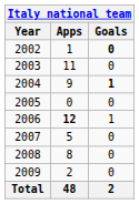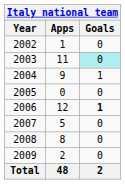 <table class="wikitable" style="text-align:center">
 <tr>
 <th colspan="3"><a href='#'>Italy national team</a></th>
 </tr>
 <tr>
 <th>Year</th>
 <th>Apps</th>
 <th>Goals</th>
 </tr>
 <tr>
 <td>2002</td>
 <td>1</td>
-<td><strong>0</strong></td>
+<td>0</td>
 </tr>
 <tr>
 <td>2003</td>
 <td>11</td>
-<td>0</td>
+<td style="background: paleturquoise;">0</td>
 </tr>
 <tr>
 <td>2004</td>
 <td>9</td>
-<td><strong>1</strong></td>
+<td>1</td>
 </tr>
 <tr>
 <td>2005</td>
 <td>0</td>
 <td>0</td>
 </tr>
 <tr>
 <td>2006</td>
-<td><strong>12</strong></td>
-<td>1</td>
+<td>12</td>
+<td><strong>1</strong></td>
 </tr>
 <tr>
 <td>2007</td>
 <td>5</td>
 <td>0</td>
 </tr>
 <tr>
 <td>2008</td>
 <td>8</td>
 <td>0</td>
 </tr>
 <tr>
 <td>2009</td>
 <td>2</td>
 <td>0</td>
 </tr>
 <tr>
 <th>Total</th>
 <th>48</th>
 <th>2</th>
 </tr>
 </table>
